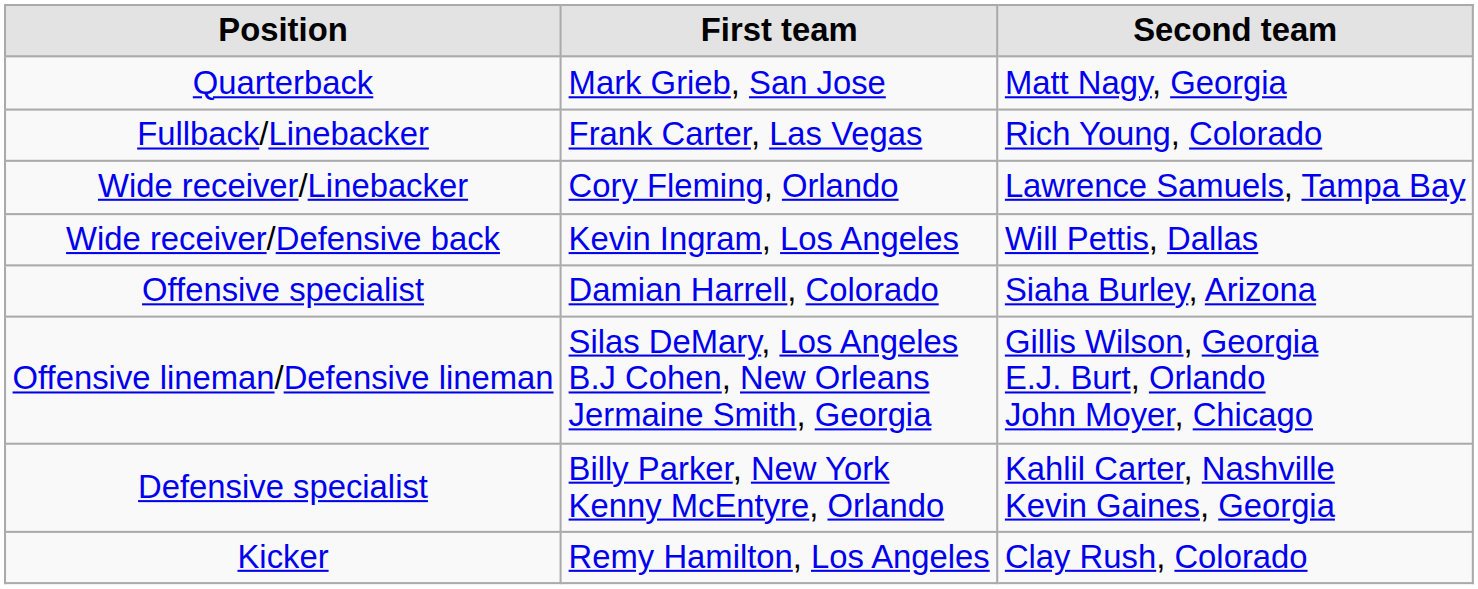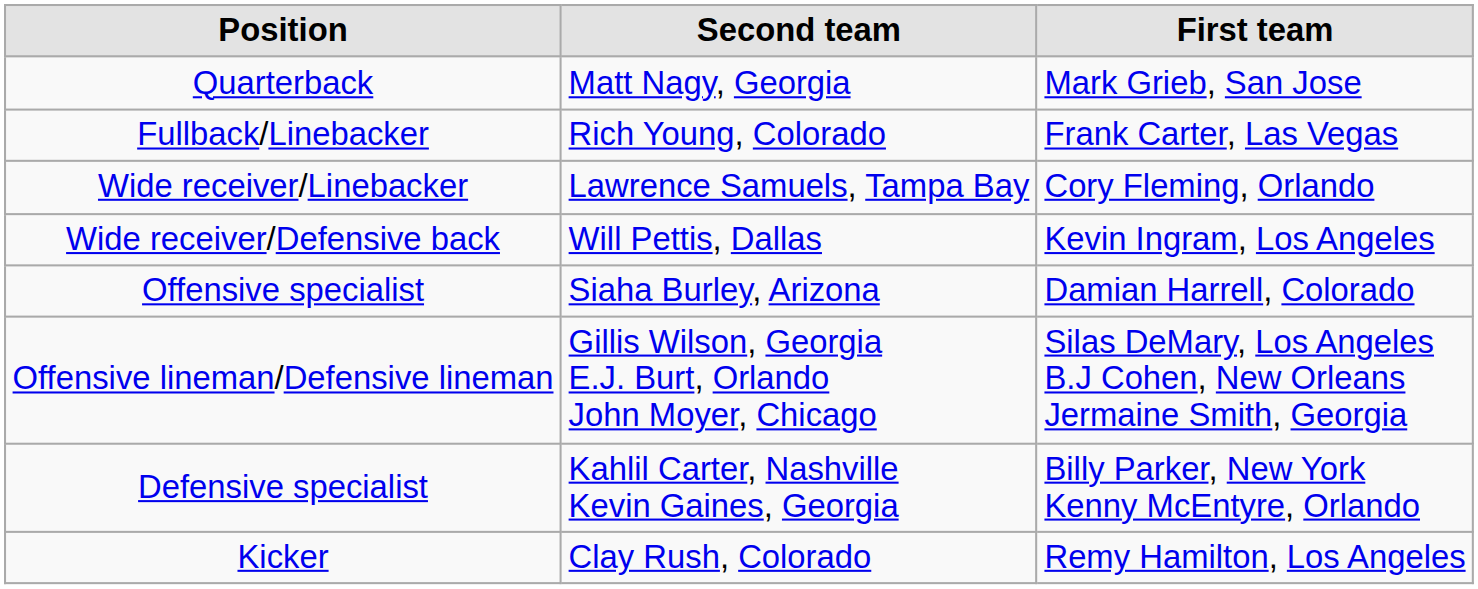 <table class="wikitable">
 <tr>
 <th style="background:#e3e3e3;">Position</th>
+<th style="background:#e3e3e3;">Second team</th>
 <th style="background:#e3e3e3;">First team</th>
-<th style="background:#e3e3e3;">Second team</th>
 </tr>
 <tr>
 <td align=center><a href='#'>Quarterback</a></td>
+<td><a href='#'>Matt Nagy</a>, <a href='#'>Georgia</a></td>
 <td><a href='#'>Mark Grieb</a>, <a href='#'>San Jose</a></td>
-<td><a href='#'>Matt Nagy</a>, <a href='#'>Georgia</a></td>
 </tr>
 <tr>
 <td align=center><a href='#'>Fullback</a>/<a href='#'>Linebacker</a></td>
+<td><a href='#'>Rich Young</a>, <a href='#'>Colorado</a></td>
 <td><a href='#'>Frank Carter</a>, <a href='#'>Las Vegas</a></td>
-<td><a href='#'>Rich Young</a>, <a href='#'>Colorado</a></td>
 </tr>
 <tr>
 <td align=center><a href='#'>Wide receiver</a>/<a href='#'>Linebacker</a></td>
+<td><a href='#'>Lawrence Samuels</a>, <a href='#'>Tampa Bay</a></td>
 <td><a href='#'>Cory Fleming</a>, <a href='#'>Orlando</a></td>
-<td><a href='#'>Lawrence Samuels</a>, <a href='#'>Tampa Bay</a></td>
 </tr>
 <tr>
 <td align=center><a href='#'>Wide receiver</a>/<a href='#'>Defensive back</a></td>
+<td><a href='#'>Will Pettis</a>, <a href='#'>Dallas</a></td>
 <td><a href='#'>Kevin Ingram</a>, <a href='#'>Los Angeles</a></td>
-<td><a href='#'>Will Pettis</a>, <a href='#'>Dallas</a></td>
 </tr>
 <tr>
 <td align=center><a href='#'>Offensive specialist</a></td>
+<td><a href='#'>Siaha Burley</a>, <a href='#'>Arizona</a></td>
 <td><a href='#'>Damian Harrell</a>, <a href='#'>Colorado</a></td>
-<td><a href='#'>Siaha Burley</a>, <a href='#'>Arizona</a></td>
 </tr>
 <tr>
 <td align=center><a href='#'>Offensive lineman</a>/<a href='#'>Defensive lineman</a></td>
+<td><a href='#'>Gillis Wilson</a>, <a href='#'>Georgia</a><br><a href='#'>E.J. Burt</a>, <a href='#'>Orlando</a><br><a href='#'>John Moyer</a>, <a href='#'>Chicago</a></td>
 <td><a href='#'>Silas DeMary</a>, <a href='#'>Los Angeles</a><br><a href='#'>B.J Cohen</a>, <a href='#'>New Orleans</a><br><a href='#'>Jermaine Smith</a>, <a href='#'>Georgia</a></td>
-<td><a href='#'>Gillis Wilson</a>, <a href='#'>Georgia</a><br><a href='#'>E.J. Burt</a>, <a href='#'>Orlando</a><br><a href='#'>John Moyer</a>, <a href='#'>Chicago</a></td>
 </tr>
 <tr>
 <td align=center><a href='#'>Defensive specialist</a></td>
+<td><a href='#'>Kahlil Carter</a>, <a href='#'>Nashville</a><br><a href='#'>Kevin Gaines</a>, <a href='#'>Georgia</a></td>
 <td><a href='#'>Billy Parker</a>, <a href='#'>New York</a><br><a href='#'>Kenny McEntyre</a>, <a href='#'>Orlando</a></td>
-<td><a href='#'>Kahlil Carter</a>, <a href='#'>Nashville</a><br><a href='#'>Kevin Gaines</a>, <a href='#'>Georgia</a></td>
 </tr>
 <tr>
 <td align=center><a href='#'>Kicker</a></td>
+<td><a href='#'>Clay Rush</a>, <a href='#'>Colorado</a></td>
 <td><a href='#'>Remy Hamilton</a>, <a href='#'>Los Angeles</a></td>
-<td><a href='#'>Clay Rush</a>, <a href='#'>Colorado</a></td>
 </tr>
 </table>
